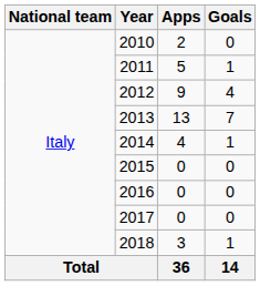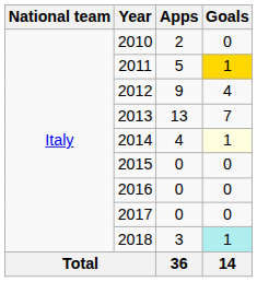 <table class="wikitable" style="text-align:center">
 <tr>
 <th>National team</th>
 <th>Year</th>
 <th>Apps</th>
 <th>Goals</th>
 </tr>
 <tr>
 <td rowspan="9"><a href='#'>Italy</a></td>
 <td>2010</td>
 <td>2</td>
 <td>0</td>
 </tr>
 <tr>
 <td>2011</td>
 <td>5</td>
-<td>1</td>
+<td style="background: gold;">1</td>
 </tr>
 <tr>
 <td>2012</td>
 <td>9</td>
 <td>4</td>
 </tr>
 <tr>
 <td>2013</td>
 <td>13</td>
 <td>7</td>
 </tr>
 <tr>
 <td>2014</td>
 <td>4</td>
-<td>1</td>
+<td style="background: lightyellow;">1</td>
 </tr>
 <tr>
 <td>2015</td>
 <td>0</td>
 <td>0</td>
 </tr>
 <tr>
 <td>2016</td>
 <td>0</td>
 <td>0</td>
 </tr>
 <tr>
 <td>2017</td>
 <td>0</td>
 <td>0</td>
 </tr>
 <tr>
 <td>2018</td>
 <td>3</td>
-<td>1</td>
+<td style="background: paleturquoise;">1</td>
 </tr>
 <tr>
 <th colspan="2">Total</th>
 <th>36</th>
 <th>14</th>
 </tr>
 </table>
